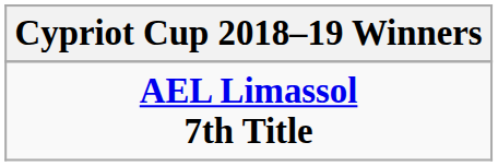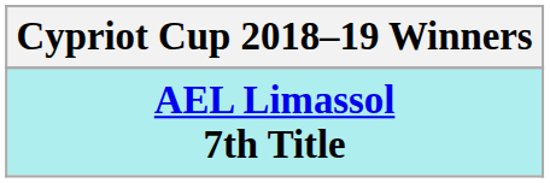 <table class="wikitable" style="text-align:center;margin: 0 auto;">
 <tr>
 <th>Cypriot Cup 2018–19 Winners</th>
 </tr>
 <tr>
 </tr>
 <tr>
 </tr>
 <tr>
-<td><strong><a href='#'>AEL Limassol</a></strong><br><strong>7th Title</strong></td>
+<td style="background: paleturquoise;"><strong><a href='#'>AEL Limassol</a></strong><br><strong>7th Title</strong></td>
 </tr>
 </table>
